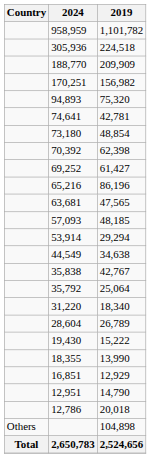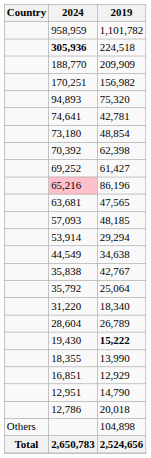 <table class="wikitable sortable static-row-numbers">
 <tr>
 <th>Country</th>
 <th>2024</th>
 <th>2019</th>
 </tr>
 <tr>
 <td></td>
 <td>958,959</td>
 <td>1,101,782</td>
 </tr>
 <tr>
 <td></td>
-<td>305,936</td>
+<td><strong>305,936</strong></td>
 <td>224,518</td>
 </tr>
 <tr>
 <td></td>
 <td>188,770</td>
 <td>209,909</td>
 </tr>
 <tr>
 <td></td>
 <td>170,251</td>
 <td>156,982</td>
 </tr>
 <tr>
 <td></td>
 <td>94,893</td>
 <td>75,320</td>
 </tr>
 <tr>
 <td></td>
 <td>74,641</td>
 <td>42,781</td>
 </tr>
 <tr>
 <td></td>
 <td>73,180</td>
 <td>48,854</td>
 </tr>
 <tr>
 <td></td>
 <td>70,392</td>
 <td>62,398</td>
 </tr>
 <tr>
 <td></td>
 <td>69,252</td>
 <td>61,427</td>
 </tr>
 <tr>
 <td></td>
-<td>65,216</td>
+<td style="background: pink;">65,216</td>
 <td>86,196</td>
 </tr>
 <tr>
 <td></td>
 <td>63,681</td>
 <td>47,565</td>
 </tr>
 <tr>
 <td></td>
 <td>57,093</td>
 <td>48,185</td>
 </tr>
 <tr>
 <td></td>
 <td>53,914</td>
 <td>29,294</td>
 </tr>
 <tr>
 <td></td>
 <td>44,549</td>
 <td>34,638</td>
 </tr>
 <tr>
 <td></td>
 <td>35,838</td>
 <td>42,767</td>
 </tr>
 <tr>
 <td></td>
 <td>35,792</td>
 <td>25,064</td>
 </tr>
 <tr>
 <td></td>
 <td>31,220</td>
 <td>18,340</td>
 </tr>
 <tr>
 <td></td>
 <td>28,604</td>
 <td>26,789</td>
 </tr>
 <tr>
 <td></td>
 <td>19,430</td>
-<td>15,222</td>
+<td><strong>15,222</strong></td>
 </tr>
 <tr>
 <td></td>
 <td>18,355</td>
 <td>13,990</td>
 </tr>
 <tr>
 <td></td>
 <td>16,851</td>
 <td>12,929</td>
 </tr>
 <tr>
 <td></td>
 <td>12,951</td>
 <td>14,790</td>
 </tr>
 <tr>
 <td></td>
 <td>12,786</td>
 <td>20,018</td>
 </tr>
 <tr class="sortbottom">
 <td>Others</td>
 <td></td>
 <td>104,898</td>
 </tr>
 <tr>
 <th><strong>Total</strong></th>
 <th>2,650,783</th>
 <th>2,524,656</th>
 </tr>
 <tr>
 </tr>
 </table>
